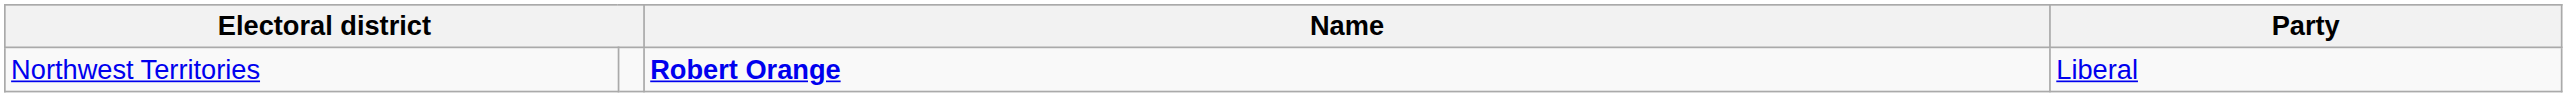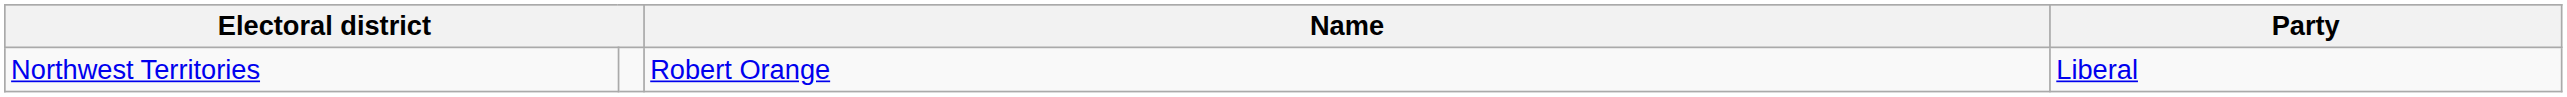 <table class="wikitable" width=95%>
 <tr>
 <th colspan=2 width=25%>Electoral district</th>
 <th>Name</th>
 <th width=20%>Party</th>
 </tr>
 <tr>
 <td width=24%><a href='#'>Northwest Territories</a></td>
 <td></td>
-<td><strong><a href='#'>Robert Orange</a></strong></td>
+<td><a href='#'>Robert Orange</a></td>
 <td><a href='#'>Liberal</a></td>
 </tr>
 </table>
